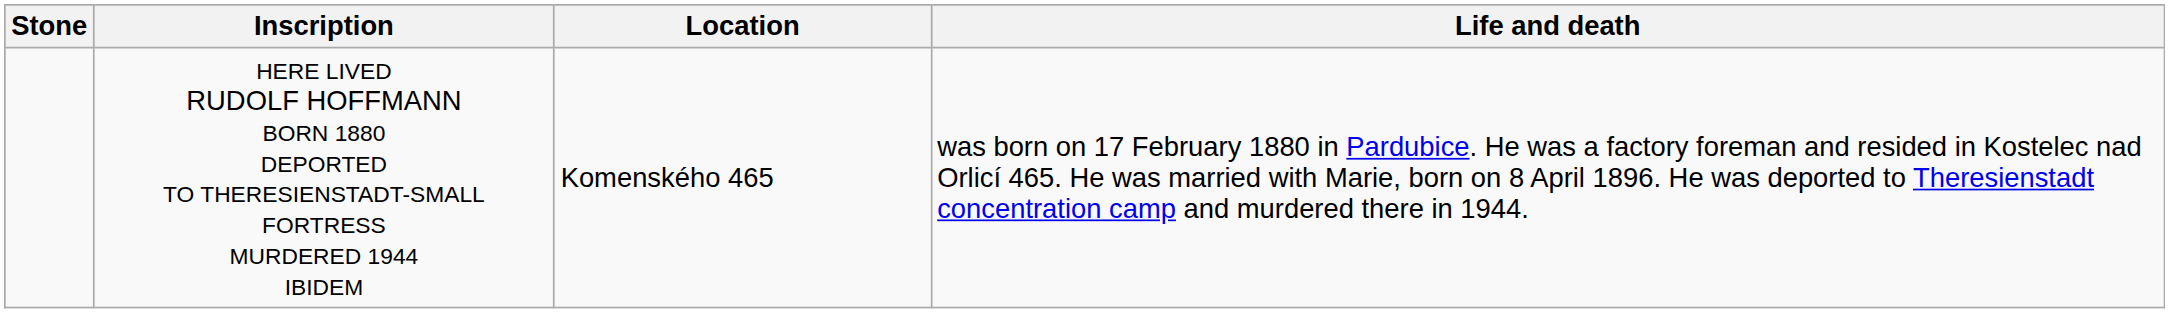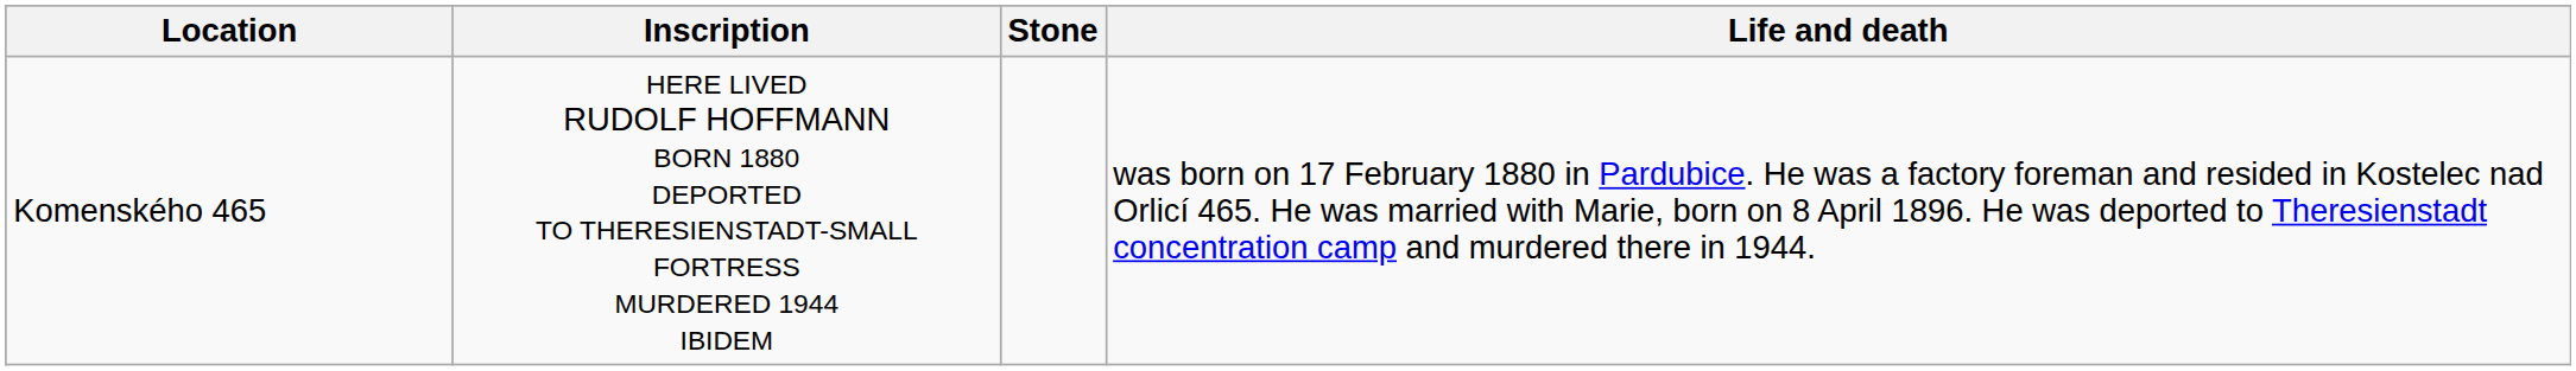 <table class="wikitable sortable toptextcells" style="width:100%">
 <tr>
+<th class="hintergrundfarbe6" data-sort-type="text" style ="width:18%;">Location</th>
+<th class="hintergrundfarbe6 unsortable" style ="width:22%;">Inscription</th>
 <th class="hintergrundfarbe6 unsortable" width="120px">Stone</th>
-<th class="hintergrundfarbe6 unsortable" style ="width:22%;">Inscription</th>
-<th class="hintergrundfarbe6" data-sort-type="text" style ="width:18%;">Location</th>
 <th class="hintergrundfarbe6" style="width:100%;">Life and death</th>
 </tr>
 <tr>
+<td>Komenského 465<br></td>
+<td style="text-align:center"><div><small>HERE LIVED</small><br>RUDOLF HOFFMANN<br><small>BORN 1880<br>DEPORTED<br>TO THERESIENSTADT-SMALL FORTRESS<br>MURDERED 1944<br>IBIDEM</small></div></td>
 <td></td>
-<td style="text-align:center"><div><small>HERE LIVED</small><br>RUDOLF HOFFMANN<br><small>BORN 1880<br>DEPORTED<br>TO THERESIENSTADT-SMALL FORTRESS<br>MURDERED 1944<br>IBIDEM</small></div></td>
-<td>Komenského 465<br></td>
 <td><strong></strong> was born on 17 February 1880 in <a href='#'>Pardubice</a>. He was a factory foreman and resided in Kostelec nad Orlicí 465. He was married with Marie, born on 8 April 1896. He was deported to <a href='#'>Theresienstadt concentration camp</a> and murdered there in 1944.</td>
 </tr>
 </table>
